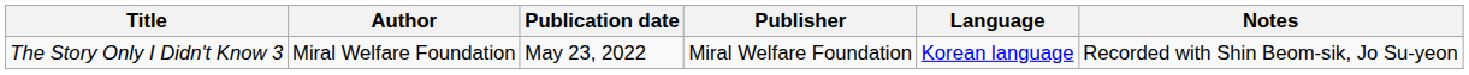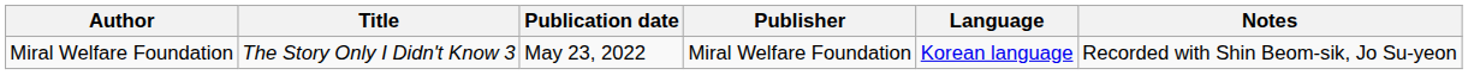 <table class="wikitable">
 <tr>
+<th>Author</th>
 <th scope="col">Title</th>
-<th>Author</th>
 <th>Publication date</th>
 <th>Publisher</th>
 <th>Language</th>
 <th scope="col">Notes</th>
 </tr>
 <tr>
+<td>Miral Welfare Foundation</td>
 <td><em>The Story Only I Didn't Know 3</em></td>
-<td>Miral Welfare Foundation</td>
 <td>May 23, 2022</td>
 <td>Miral Welfare Foundation</td>
 <td><a href='#'>Korean language</a></td>
 <td>Recorded with Shin Beom-sik, Jo Su-yeon</td>
 </tr>
 </table>
